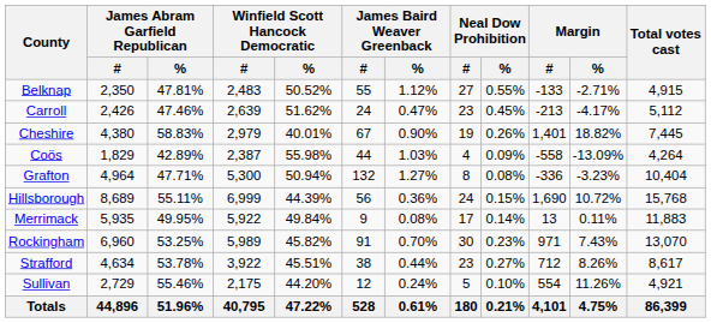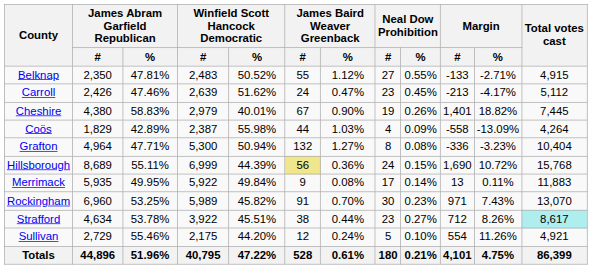 <table width="65%"  class="wikitable sortable" style="text-align:center">
 <tr>
 <th style="text-align:center;" rowspan="2">County</th>
 <th style="text-align:center;" colspan="2">James Abram Garfield<br>Republican</th>
 <th style="text-align:center;" colspan="2">Winfield Scott Hancock<br>Democratic</th>
 <th style="text-align:center;" colspan="2">James Baird Weaver<br>Greenback</th>
 <th style="text-align:center;" colspan="2">Neal Dow<br>Prohibition</th>
 <th style="text-align:center;" colspan="2">Margin</th>
 <th style="text-align:center;" rowspan="2" style="text-align:center;">Total votes cast</th>
 </tr>
 <tr>
 <th style="text-align:center;" data-sort-type="number">#</th>
 <th style="text-align:center;" data-sort-type="number">%</th>
 <th style="text-align:center;" data-sort-type="number">#</th>
 <th style="text-align:center;" data-sort-type="number">%</th>
 <th style="text-align:center;" data-sort-type="number">#</th>
 <th style="text-align:center;" data-sort-type="number">%</th>
 <th style="text-align:center;" data-sort-type="number">#</th>
 <th style="text-align:center;" data-sort-type="number">%</th>
 <th style="text-align:center;" data-sort-type="number">#</th>
 <th style="text-align:center;" data-sort-type="number">%</th>
 </tr>
 <tr style="text-align:center;">
 <td><a href='#'>Belknap</a></td>
 <td>2,350</td>
 <td>47.81%</td>
 <td>2,483</td>
 <td>50.52%</td>
 <td>55</td>
 <td>1.12%</td>
 <td>27</td>
 <td>0.55%</td>
 <td>-133</td>
 <td>-2.71%</td>
 <td>4,915</td>
 </tr>
 <tr style="text-align:center;">
 <td><a href='#'>Carroll</a></td>
 <td>2,426</td>
 <td>47.46%</td>
 <td>2,639</td>
 <td>51.62%</td>
 <td>24</td>
 <td>0.47%</td>
 <td>23</td>
 <td>0.45%</td>
 <td>-213</td>
 <td>-4.17%</td>
 <td>5,112</td>
 </tr>
 <tr style="text-align:center;">
 <td><a href='#'>Cheshire</a></td>
 <td>4,380</td>
 <td>58.83%</td>
 <td>2,979</td>
 <td>40.01%</td>
 <td>67</td>
 <td>0.90%</td>
 <td>19</td>
 <td>0.26%</td>
 <td>1,401</td>
 <td>18.82%</td>
 <td>7,445</td>
 </tr>
 <tr style="text-align:center;">
 <td><a href='#'>Coös</a></td>
 <td>1,829</td>
 <td>42.89%</td>
 <td>2,387</td>
 <td>55.98%</td>
 <td>44</td>
 <td>1.03%</td>
 <td>4</td>
 <td>0.09%</td>
 <td>-558</td>
 <td>-13.09%</td>
 <td>4,264</td>
 </tr>
 <tr style="text-align:center;">
 <td><a href='#'>Grafton</a></td>
 <td>4,964</td>
 <td>47.71%</td>
 <td>5,300</td>
 <td>50.94%</td>
 <td>132</td>
 <td>1.27%</td>
 <td>8</td>
 <td>0.08%</td>
 <td>-336</td>
 <td>-3.23%</td>
 <td>10,404</td>
 </tr>
 <tr style="text-align:center;">
 <td><a href='#'>Hillsborough</a></td>
 <td>8,689</td>
 <td>55.11%</td>
 <td>6,999</td>
 <td>44.39%</td>
-<td>56</td>
+<td style="background: khaki;">56</td>
 <td>0.36%</td>
 <td>24</td>
 <td>0.15%</td>
 <td>1,690</td>
 <td>10.72%</td>
 <td>15,768</td>
 </tr>
 <tr style="text-align:center;">
 <td><a href='#'>Merrimack</a></td>
 <td>5,935</td>
 <td>49.95%</td>
 <td>5,922</td>
 <td>49.84%</td>
 <td>9</td>
 <td>0.08%</td>
 <td>17</td>
 <td>0.14%</td>
 <td>13</td>
 <td>0.11%</td>
 <td>11,883</td>
 </tr>
 <tr style="text-align:center;">
 <td><a href='#'>Rockingham</a></td>
 <td>6,960</td>
 <td>53.25%</td>
 <td>5,989</td>
 <td>45.82%</td>
 <td>91</td>
 <td>0.70%</td>
 <td>30</td>
 <td>0.23%</td>
 <td>971</td>
 <td>7.43%</td>
 <td>13,070</td>
 </tr>
 <tr style="text-align:center;">
 <td><a href='#'>Strafford</a></td>
 <td>4,634</td>
 <td>53.78%</td>
 <td>3,922</td>
 <td>45.51%</td>
 <td>38</td>
 <td>0.44%</td>
 <td>23</td>
 <td>0.27%</td>
 <td>712</td>
 <td>8.26%</td>
-<td>8,617</td>
+<td style="background: paleturquoise;">8,617</td>
 </tr>
 <tr style="text-align:center;">
 <td><a href='#'>Sullivan</a></td>
 <td>2,729</td>
 <td>55.46%</td>
 <td>2,175</td>
 <td>44.20%</td>
 <td>12</td>
 <td>0.24%</td>
 <td>5</td>
 <td>0.10%</td>
 <td>554</td>
 <td>11.26%</td>
 <td>4,921</td>
 </tr>
 <tr style="text-align:center;">
 <th>Totals</th>
 <th>44,896</th>
 <th>51.96%</th>
 <th>40,795</th>
 <th>47.22%</th>
 <th>528</th>
 <th>0.61%</th>
 <th>180</th>
 <th>0.21%</th>
 <th>4,101</th>
 <th>4.75%</th>
 <th>86,399</th>
 </tr>
 </table>
